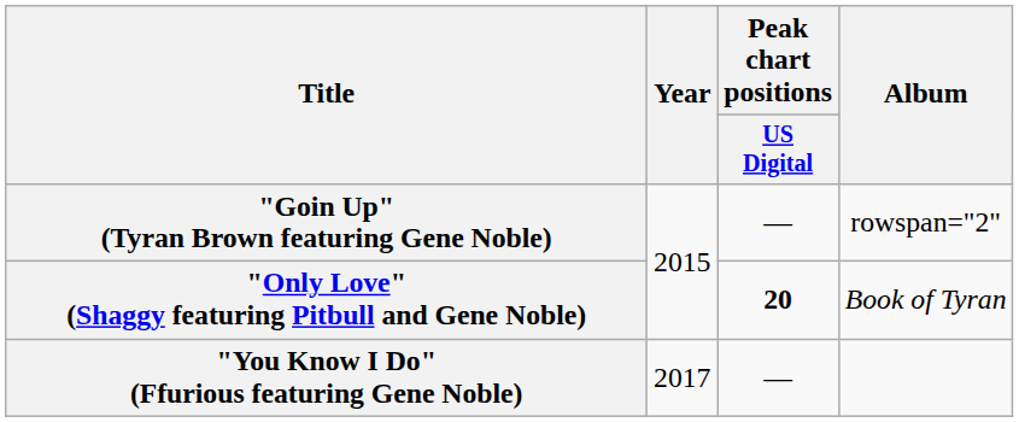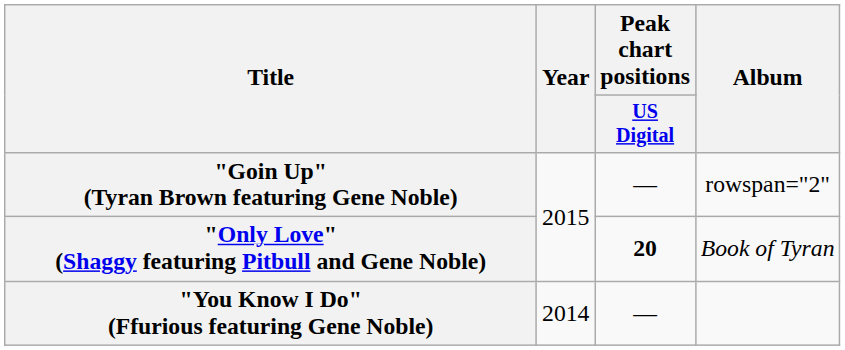 <table class="wikitable plainrowheaders" style="text-align:center;">
 <tr>
 <th scope="col" rowspan="2" style="width:22em;">Title</th>
 <th scope="col" rowspan="2" style="width:1em;">Year</th>
 <th scope="col">Peak chart positions</th>
 <th scope="col" rowspan="2">Album</th>
 </tr>
 <tr>
 <th scope="col" style="width:3em;font-size:85%;"><a href='#'>US</a><br><a href='#'>Digital</a><br></th>
 </tr>
 <tr>
 <th scope="row">"Goin Up"<br><span>(Tyran Brown featuring Gene Noble)</span></th>
 <td rowspan="2">2015</td>
 <td>—</td>
 <td>rowspan="2" </td>
 </tr>
 <tr>
 <th scope="row">"<a href='#'>Only Love</a>"<br><span>(<a href='#'>Shaggy</a> featuring <a href='#'>Pitbull</a> and Gene Noble)</span></th>
 <td><strong>20</strong></td>
 <td><em>Book of Tyran</em></td>
 </tr>
 <tr>
 <th scope="row">"You Know I Do"<br><span>(Ffurious featuring Gene Noble)</span></th>
-<td>2017</td>
+<td>2014</td>
 <td>—</td>
 </tr>
 </table>
